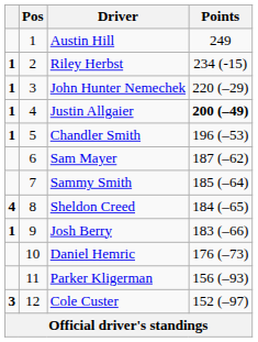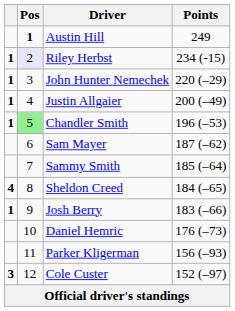 <table class="wikitable" style="font-size: 95%;">
 <tr>
 <th></th>
 <th>Pos</th>
 <th>Driver</th>
 <th>Points</th>
 </tr>
 <tr>
 <td align="left"></td>
-<td style="text-align:center;">1</td>
+<td style="text-align:center;"><strong>1</strong></td>
 <td><a href='#'>Austin Hill</a></td>
 <td style="text-align:center;">249</td>
 </tr>
 <tr>
 <td align="left"> <strong>1</strong></td>
-<td style="text-align:center;">2</td>
+<td style="background: lavender; text-align:center;">2</td>
 <td><a href='#'>Riley Herbst</a></td>
 <td style="text-align:center;">234 (-15)</td>
 </tr>
 <tr>
 <td align="left"> <strong>1</strong></td>
 <td style="text-align:center;">3</td>
 <td><a href='#'>John Hunter Nemechek</a></td>
 <td style="text-align:center;">220 (–29)</td>
 </tr>
 <tr>
 <td align="left"> <strong>1</strong></td>
 <td style="text-align:center;">4</td>
 <td><a href='#'>Justin Allgaier</a></td>
-<td style="text-align:center;"><strong>200 (–49)</strong></td>
+<td style="text-align:center;">200 (–49)</td>
 </tr>
 <tr>
 <td align="left"> <strong>1</strong></td>
-<td style="text-align:center;">5</td>
+<td style="background: lightgreen; text-align:center;">5</td>
 <td><a href='#'>Chandler Smith</a></td>
 <td style="text-align:center;">196 (–53)</td>
 </tr>
 <tr>
 <td align="left"></td>
 <td style="text-align:center;">6</td>
 <td><a href='#'>Sam Mayer</a></td>
 <td style="text-align:center;">187 (–62)</td>
 </tr>
 <tr>
 <td align="left"></td>
 <td style="text-align:center;">7</td>
 <td><a href='#'>Sammy Smith</a></td>
 <td style="text-align:center;">185 (–64)</td>
 </tr>
 <tr>
 <td align="left"> <strong>4</strong></td>
 <td style="text-align:center;">8</td>
 <td><a href='#'>Sheldon Creed</a></td>
 <td style="text-align:center;">184 (–65)</td>
 </tr>
 <tr>
 <td align="left"> <strong>1</strong></td>
 <td style="text-align:center;">9</td>
 <td><a href='#'>Josh Berry</a></td>
 <td style="text-align:center;">183 (–66)</td>
 </tr>
 <tr>
 <td align="left"></td>
 <td style="text-align:center;">10</td>
 <td><a href='#'>Daniel Hemric</a></td>
 <td style="text-align:center;">176 (–73)</td>
 </tr>
 <tr>
 <td align="left"></td>
 <td style="text-align:center;">11</td>
 <td><a href='#'>Parker Kligerman</a></td>
 <td style="text-align:center;">156 (–93)</td>
 </tr>
 <tr>
 <td align="left"> <strong>3</strong></td>
 <td style="text-align:center;">12</td>
 <td><a href='#'>Cole Custer</a></td>
 <td style="text-align:center;">152 (–97)</td>
 </tr>
 <tr class="sortbottom">
 <th colspan="9">Official driver's standings</th>
 </tr>
 </table>
